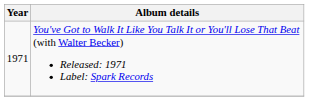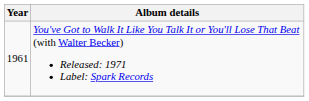 <table class="wikitable" style="text-align:left;">
 <tr>
 <th rowspan="1">Year</th>
 <th rowspan="1" style="width:400px;">Album details</th>
 </tr>
 <tr>
-<td>1971</td>
+<td>1961</td>
 <td><em><a href='#'>You've Got to Walk It Like You Talk It or You'll Lose That Beat</a></em><br>(with <a href='#'>Walter Becker</a>)<em><br><ul><li>Released: 1971</li><li>Label: <a href='#'>Spark Records</a></li></ul></td>
 </tr>
 <tr>
 </tr>
 </table>
